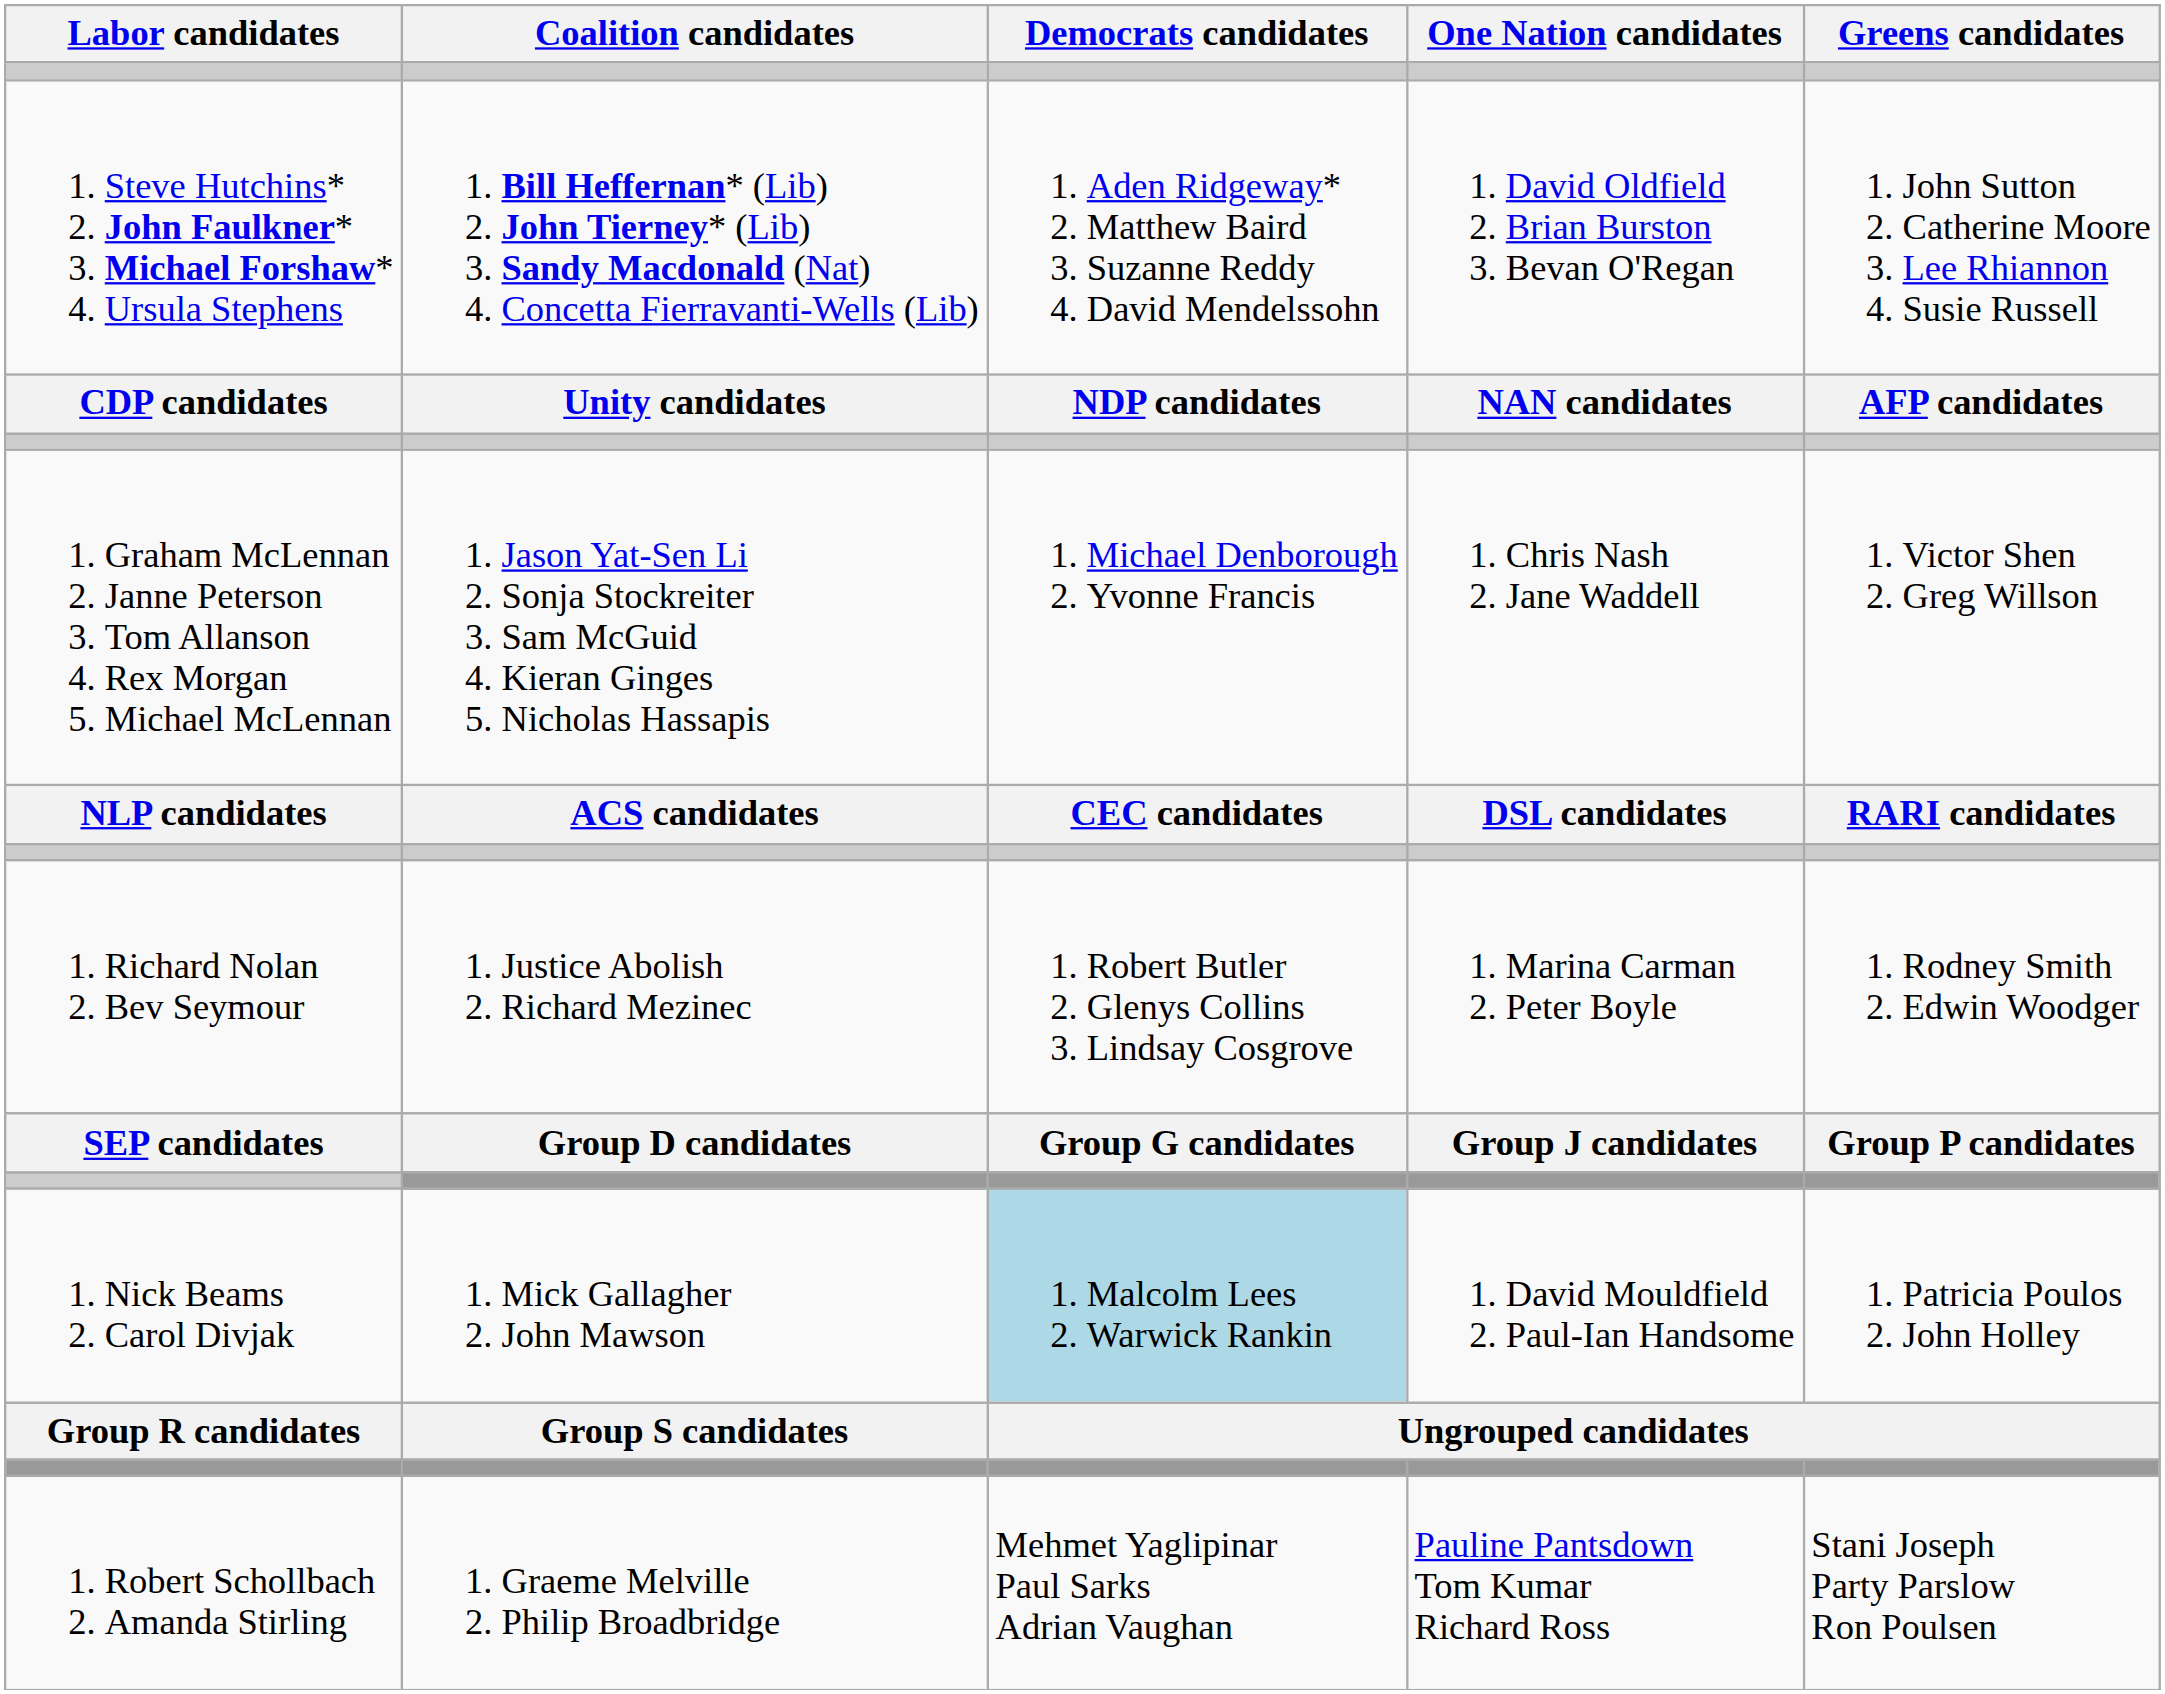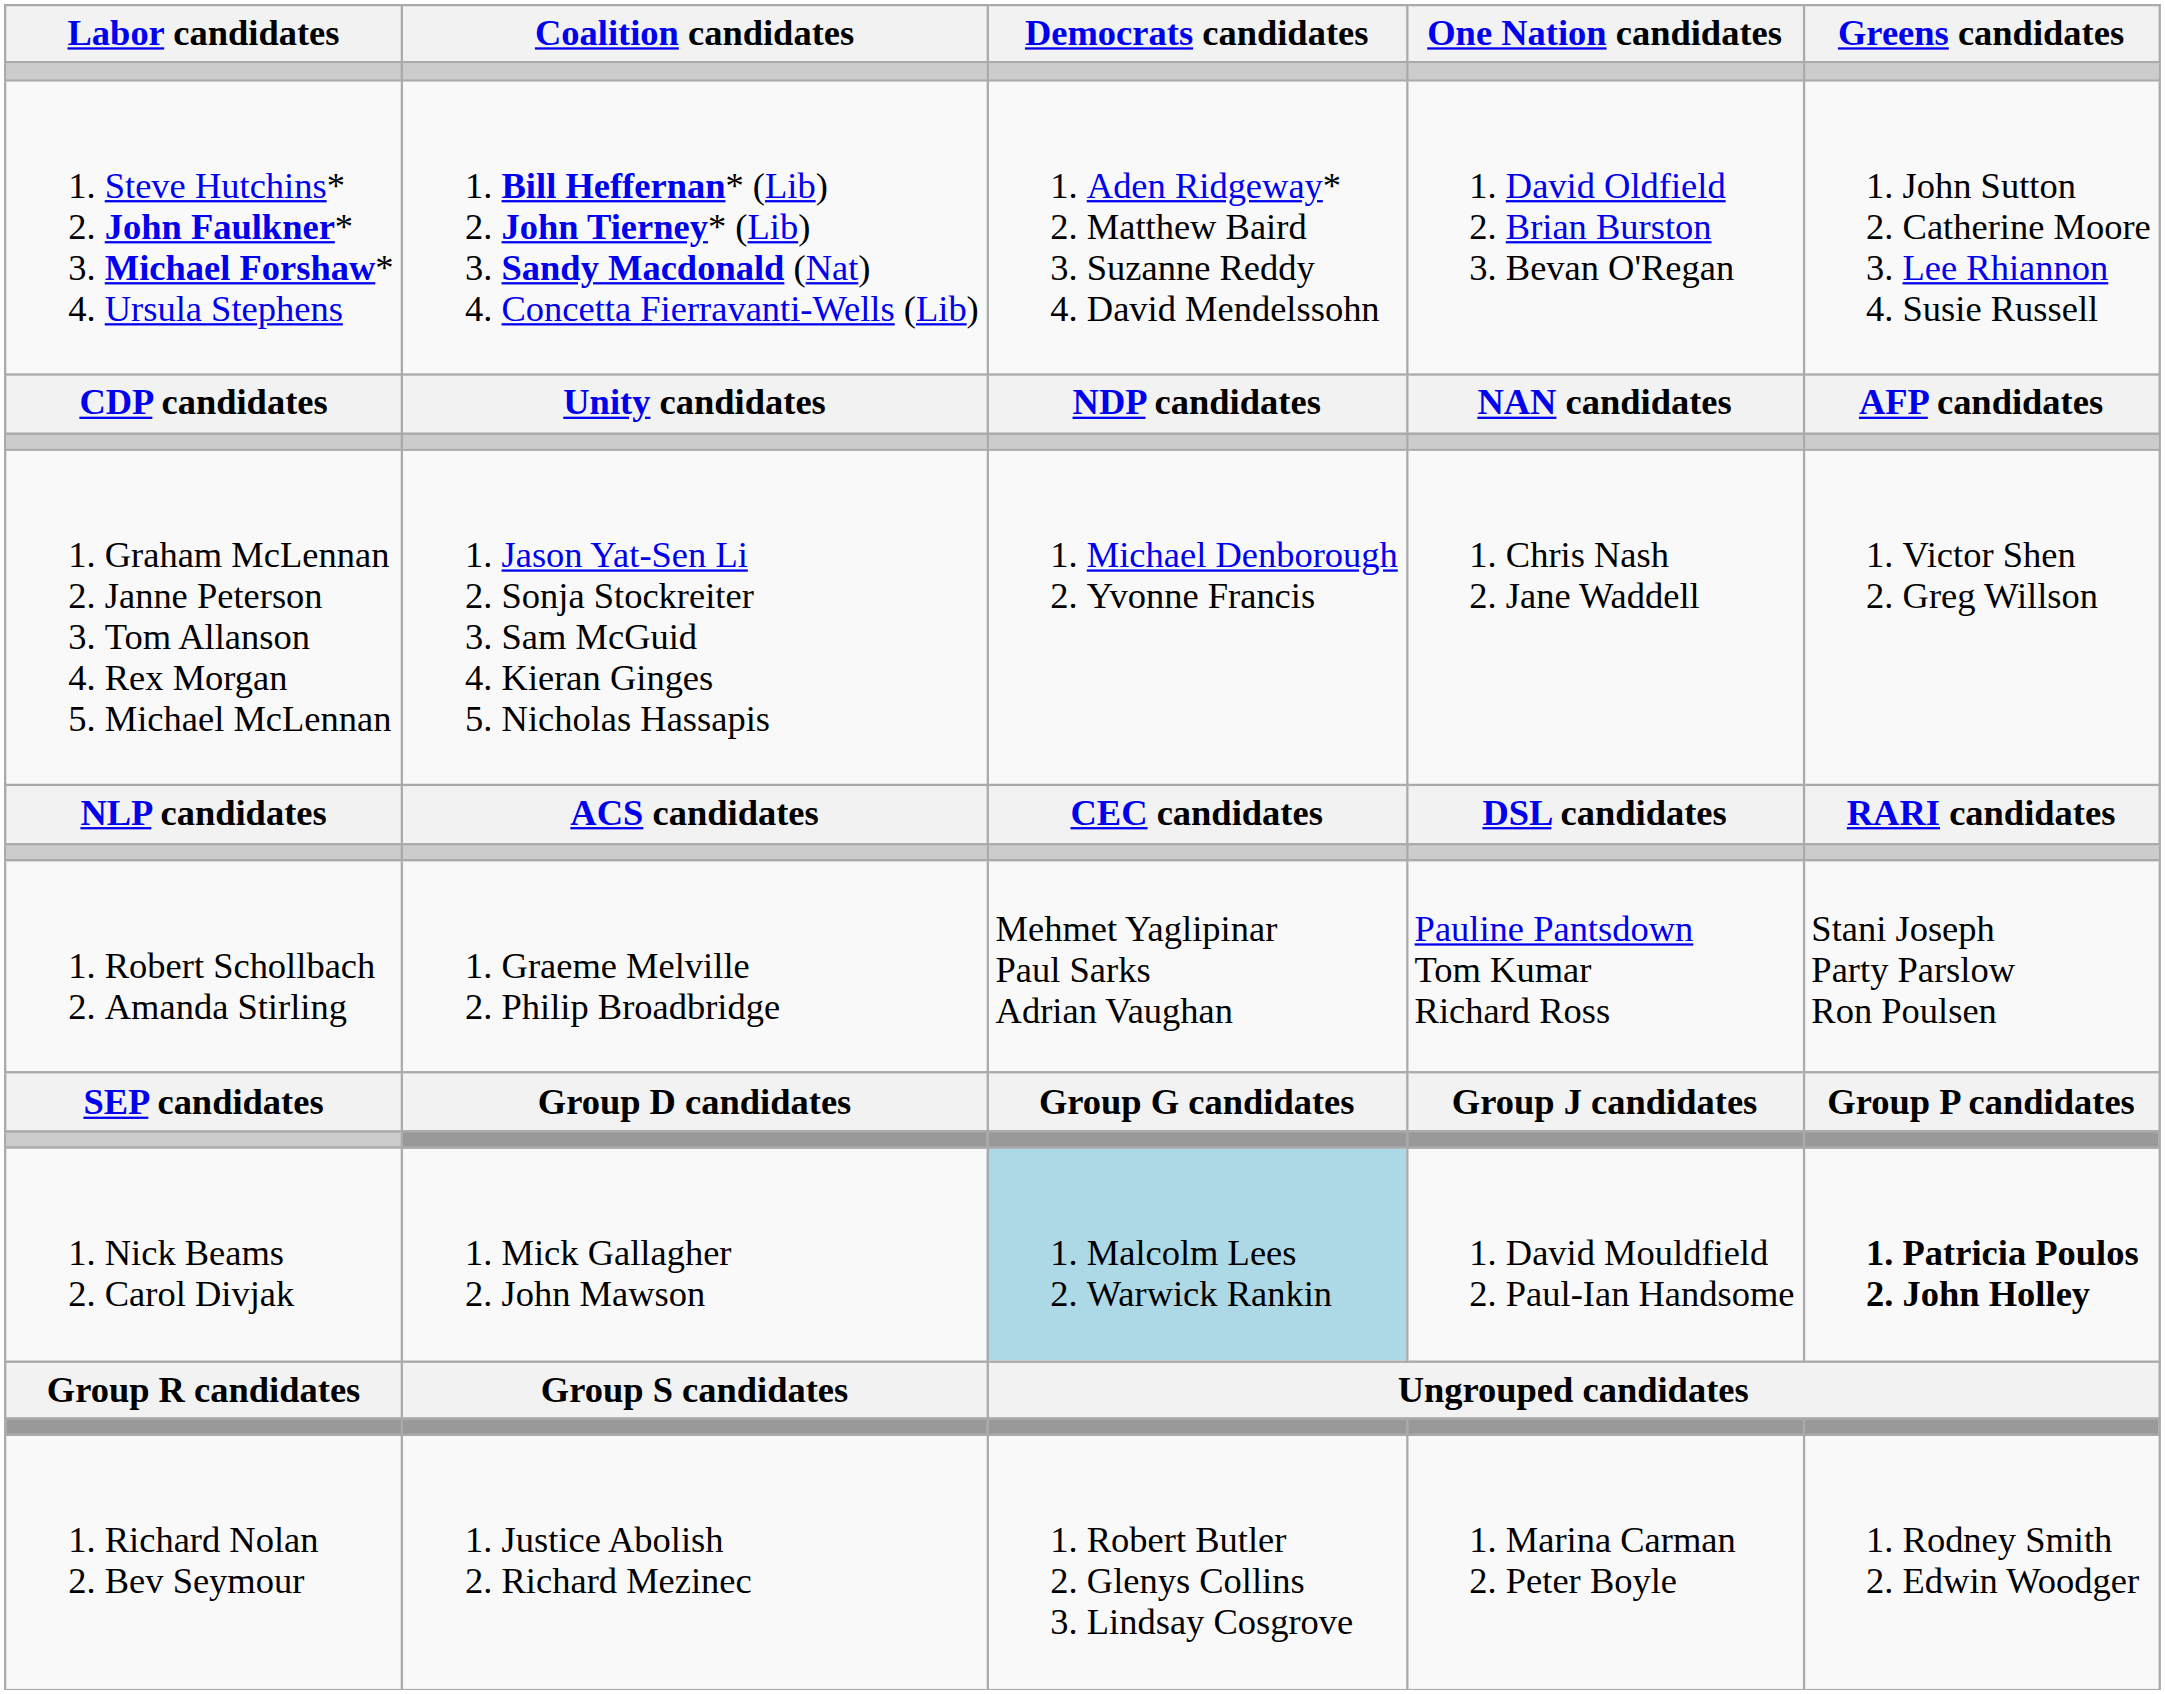 <table class="wikitable">
 <tr>
 <th><a href='#'>Labor</a> candidates</th>
 <th><a href='#'>Coalition</a> candidates</th>
 <th><a href='#'>Democrats</a> candidates</th>
 <th><a href='#'>One Nation</a> candidates</th>
 <th><a href='#'>Greens</a> candidates</th>
 </tr>
 <tr bgcolor="#cccccc">
 <td></td>
 <td></td>
 <td></td>
 <td></td>
 <td></td>
 </tr>
 <tr>
 <td><br><ol><li><a href='#'>Steve Hutchins</a>*</li><li><strong><a href='#'>John Faulkner</a></strong>*</li><li><strong><a href='#'>Michael Forshaw</a></strong>*</li><li><a href='#'>Ursula Stephens</a></li></ol></td>
 <td><br><ol><li><strong><a href='#'>Bill Heffernan</a></strong>* (<a href='#'>Lib</a>)</li><li><strong><a href='#'>John Tierney</a></strong>* (<a href='#'>Lib</a>)</li><li><strong><a href='#'>Sandy Macdonald</a></strong> (<a href='#'>Nat</a>)</li><li><a href='#'>Concetta Fierravanti-Wells</a> (<a href='#'>Lib</a>)</li></ol></td>
 <td><br><ol><li><a href='#'>Aden Ridgeway</a>*</li><li>Matthew Baird</li><li>Suzanne Reddy</li><li>David Mendelssohn</li></ol></td>
 <td valign=top><br><ol><li><a href='#'>David Oldfield</a></li><li><a href='#'>Brian Burston</a></li><li>Bevan O'Regan</li></ol></td>
 <td valign=top><br><ol><li>John Sutton</li><li>Catherine Moore</li><li><a href='#'>Lee Rhiannon</a></li><li>Susie Russell</li></ol></td>
 </tr>
 <tr bgcolor="#cccccc">
 <th><a href='#'>CDP</a> candidates</th>
 <th><a href='#'>Unity</a> candidates</th>
 <th><a href='#'>NDP</a> candidates</th>
 <th><a href='#'>NAN</a> candidates</th>
 <th><a href='#'>AFP</a> candidates</th>
 </tr>
 <tr bgcolor="#cccccc">
 <td></td>
 <td></td>
 <td></td>
 <td></td>
 <td></td>
 </tr>
 <tr>
 <td valign=top><br><ol><li>Graham McLennan</li><li>Janne Peterson</li><li>Tom Allanson</li><li>Rex Morgan</li><li>Michael McLennan</li></ol></td>
 <td valign=top><br><ol><li><a href='#'>Jason Yat-Sen Li</a></li><li>Sonja Stockreiter</li><li>Sam McGuid</li><li>Kieran Ginges</li><li>Nicholas Hassapis</li></ol></td>
 <td valign=top><br><ol><li><a href='#'>Michael Denborough</a></li><li>Yvonne Francis</li></ol></td>
 <td valign=top><br><ol><li>Chris Nash</li><li>Jane Waddell</li></ol></td>
 <td valign=top><br><ol><li>Victor Shen</li><li>Greg Willson</li></ol></td>
 </tr>
 <tr bgcolor="#cccccc">
 <th><a href='#'>NLP</a> candidates</th>
 <th><a href='#'>ACS</a> candidates</th>
 <th><a href='#'>CEC</a> candidates</th>
 <th><a href='#'>DSL</a> candidates</th>
 <th><a href='#'>RARI</a> candidates</th>
 </tr>
 <tr bgcolor="#cccccc">
 <td></td>
 <td></td>
 <td></td>
 <td></td>
 <td></td>
 </tr>
 <tr>
-<td valign=top><br><ol><li>Richard Nolan</li><li>Bev Seymour</li></ol></td>
-<td valign=top><br><ol><li>Justice Abolish</li><li>Richard Mezinec</li></ol></td>
-<td valign=top><br><ol><li>Robert Butler</li><li>Glenys Collins</li><li>Lindsay Cosgrove</li></ol></td>
-<td valign=top><br><ol><li>Marina Carman</li><li>Peter Boyle</li></ol></td>
-<td valign=top><br><ol><li>Rodney Smith</li><li>Edwin Woodger</li></ol></td>
+<td valign=top><br><ol><li>Robert Schollbach</li><li>Amanda Stirling</li></ol></td>
+<td valign=top><br><ol><li>Graeme Melville</li><li>Philip Broadbridge</li></ol></td>
+<td valign=top><br>Mehmet Yaglipinar<br> Paul Sarks<br> Adrian Vaughan</td>
+<td valign=top><br><a href='#'>Pauline Pantsdown</a><br> Tom Kumar<br> Richard Ross</td>
+<td valign=top><br>Stani Joseph<br> Party Parslow<br> Ron Poulsen</td>
 </tr>
 <tr bgcolor="#cccccc">
 <th><a href='#'>SEP</a> candidates</th>
 <th>Group D candidates</th>
 <th>Group G candidates</th>
 <th>Group J candidates</th>
 <th>Group P candidates</th>
 </tr>
 <tr bgcolor="#cccccc">
 <td></td>
 <td bgcolor="#999999"></td>
 <td bgcolor="#999999"></td>
 <td bgcolor="#999999"></td>
 <td bgcolor="#999999"></td>
 </tr>
 <tr>
 <td valign=top><br><ol><li>Nick Beams</li><li>Carol Divjak</li></ol></td>
 <td valign=top><br><ol><li>Mick Gallagher</li><li>John Mawson</li></ol></td>
 <td valign=top style="background: lightblue;"><br><ol><li>Malcolm Lees</li><li>Warwick Rankin</li></ol></td>
 <td valign=top><br><ol><li>David Mouldfield</li><li>Paul-Ian Handsome</li></ol></td>
-<td valign=top><br><ol><li>Patricia Poulos</li><li>John Holley</li></ol></td>
+<td valign=top><strong><br><ol><li>Patricia Poulos</li><li>John Holley</li></ol></strong></td>
 </tr>
 <tr bgcolor="#cccccc">
 <th>Group R candidates</th>
 <th>Group S candidates</th>
 <th colspan="3">Ungrouped candidates</th>
 </tr>
 <tr bgcolor="#cccccc">
 <td bgcolor="#999999"></td>
 <td bgcolor="#999999"></td>
 <td bgcolor="#999999"></td>
 <td bgcolor="#999999"></td>
 <td bgcolor="#999999"></td>
 </tr>
 <tr>
-<td valign=top><br><ol><li>Robert Schollbach</li><li>Amanda Stirling</li></ol></td>
-<td valign=top><br><ol><li>Graeme Melville</li><li>Philip Broadbridge</li></ol></td>
-<td valign=top><br>Mehmet Yaglipinar<br> Paul Sarks<br> Adrian Vaughan</td>
-<td valign=top><br><a href='#'>Pauline Pantsdown</a><br> Tom Kumar<br> Richard Ross</td>
-<td valign=top><br>Stani Joseph<br> Party Parslow<br> Ron Poulsen</td>
+<td valign=top><br><ol><li>Richard Nolan</li><li>Bev Seymour</li></ol></td>
+<td valign=top><br><ol><li>Justice Abolish</li><li>Richard Mezinec</li></ol></td>
+<td valign=top><br><ol><li>Robert Butler</li><li>Glenys Collins</li><li>Lindsay Cosgrove</li></ol></td>
+<td valign=top><br><ol><li>Marina Carman</li><li>Peter Boyle</li></ol></td>
+<td valign=top><br><ol><li>Rodney Smith</li><li>Edwin Woodger</li></ol></td>
 </tr>
 </table>
